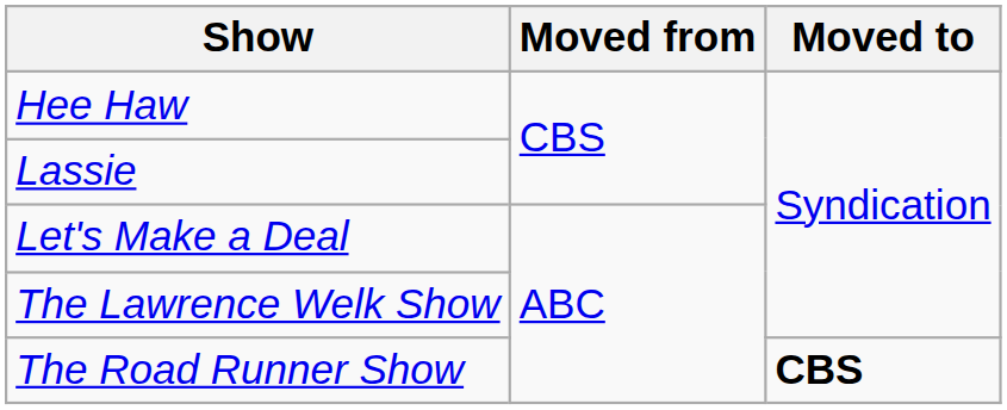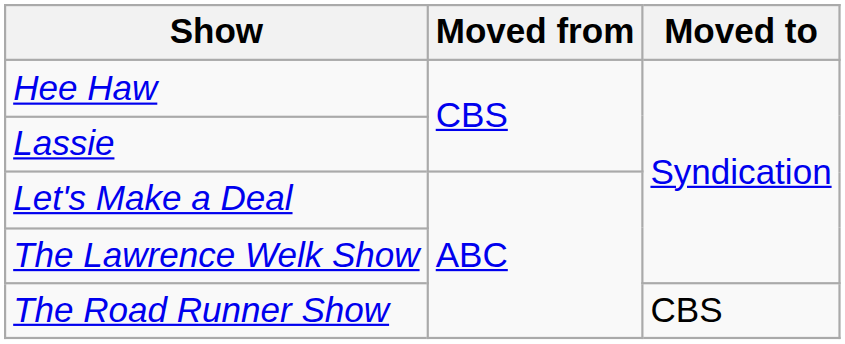 <table class="wikitable">
 <tr>
 <th>Show</th>
 <th>Moved from</th>
 <th>Moved to</th>
 </tr>
 <tr>
 <td><em><a href='#'>Hee Haw</a></em></td>
 <td rowspan="2"><a href='#'>CBS</a></td>
 <td rowspan="4"><a href='#'>Syndication</a></td>
 </tr>
 <tr>
 <td><em><a href='#'>Lassie</a></em></td>
 </tr>
 <tr>
 <td><em><a href='#'>Let's Make a Deal</a></em></td>
 <td rowspan="3"><a href='#'>ABC</a></td>
 </tr>
 <tr>
 <td><em><a href='#'>The Lawrence Welk Show</a></em></td>
 </tr>
 <tr>
 <td><em><a href='#'>The Road Runner Show</a></em></td>
-<td><strong>CBS</strong></td>
+<td>CBS</td>
 </tr>
 </table>
